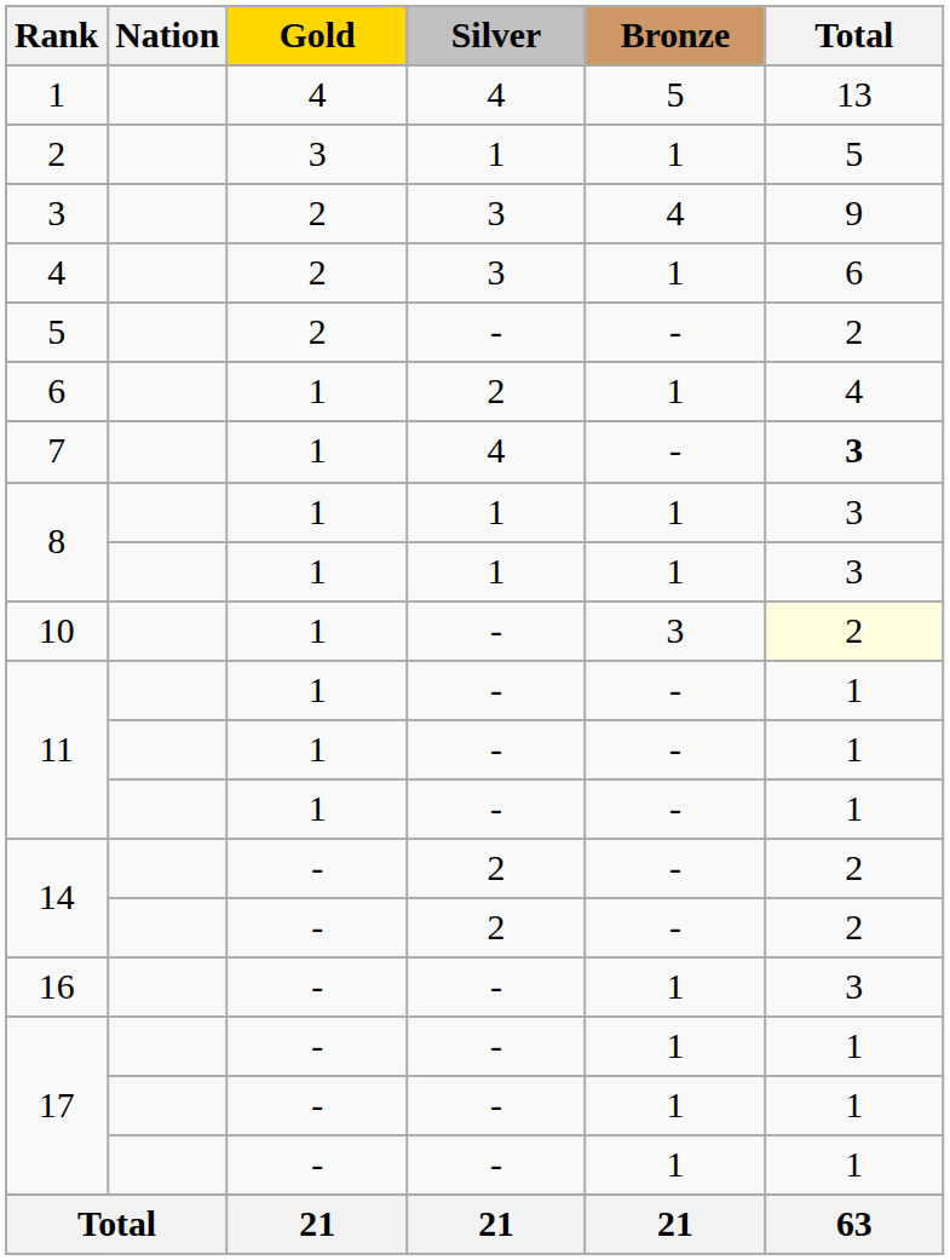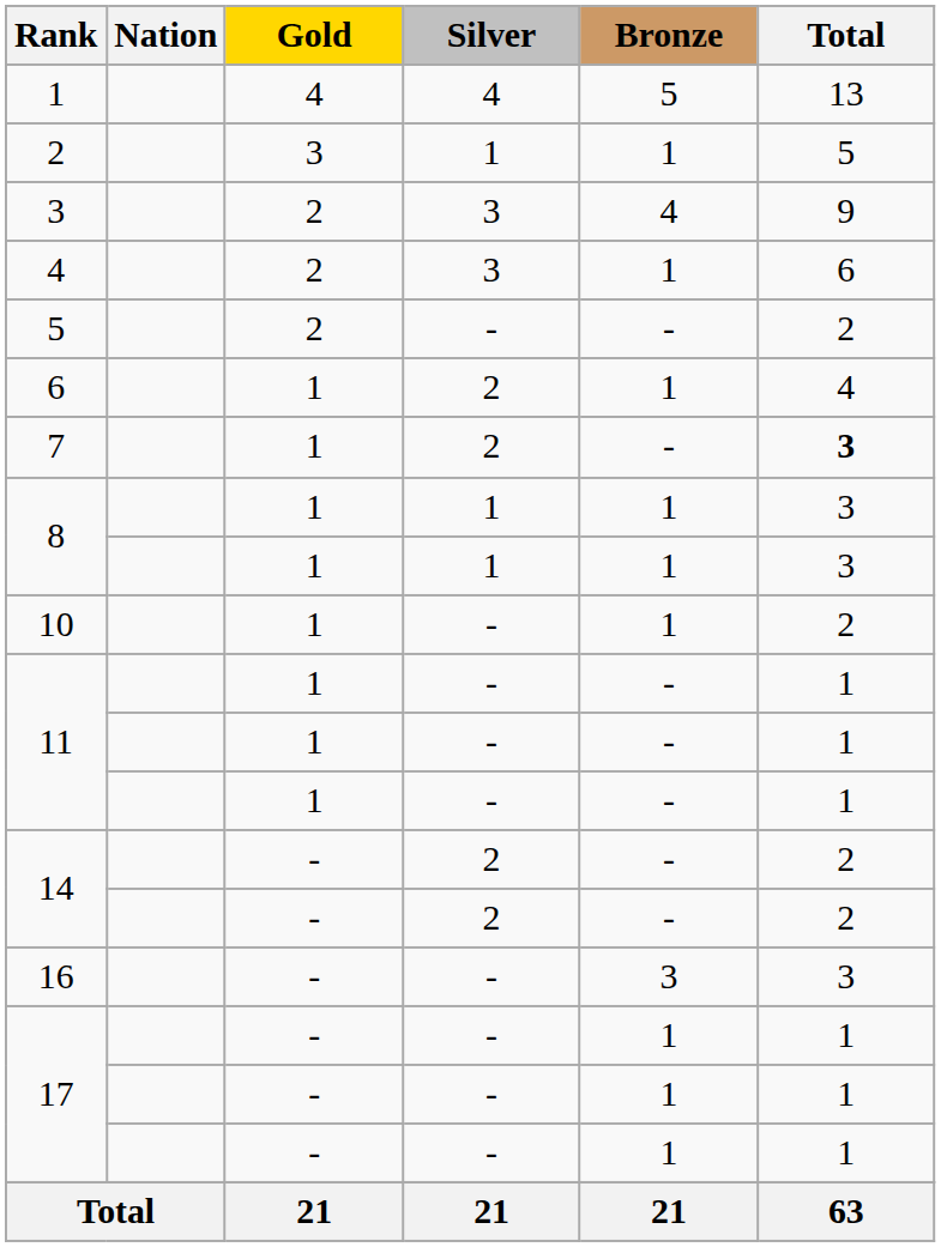 <table class="wikitable" style="text-align:center; font-size:95%">
 <tr>
 <th scope=col>Rank</th>
 <th scope=col>Nation</th>
 <th scope=col style="background:gold; width:4.5em; font-weight:bold;">Gold</th>
 <th scope=col style="background:silver; width:4.5em; font-weight:bold;">Silver</th>
 <th scope=col style="background:#cc9966; width:4.5em; font-weight:bold;">Bronze</th>
 <th scope=col style="width:4.5em;">Total</th>
 </tr>
 <tr>
 <td>1</td>
 <td align="left"></td>
 <td>4</td>
 <td>4</td>
 <td>5</td>
 <td>13</td>
 </tr>
 <tr>
 <td>2</td>
 <td align="left"></td>
 <td>3</td>
 <td>1</td>
 <td>1</td>
 <td>5</td>
 </tr>
 <tr>
 <td>3</td>
 <td align="left"></td>
 <td>2</td>
 <td>3</td>
 <td>4</td>
 <td>9</td>
 </tr>
 <tr>
 <td>4</td>
 <td align="left"></td>
 <td>2</td>
 <td>3</td>
 <td>1</td>
 <td>6</td>
 </tr>
 <tr>
 <td>5</td>
 <td align="left"></td>
 <td>2</td>
 <td>-</td>
 <td>-</td>
 <td>2</td>
 </tr>
 <tr>
 <td>6</td>
 <td align="left"></td>
 <td>1</td>
 <td>2</td>
 <td>1</td>
 <td>4</td>
 </tr>
 <tr>
 <td>7</td>
 <td align="left"></td>
 <td>1</td>
-<td>4</td>
+<td>2</td>
 <td>-</td>
 <td><strong>3</strong></td>
 </tr>
 <tr>
 <td rowspan=2>8</td>
 <td align="left"></td>
 <td>1</td>
 <td>1</td>
 <td>1</td>
 <td>3</td>
 </tr>
 <tr>
 <td align="left"></td>
 <td>1</td>
 <td>1</td>
 <td>1</td>
 <td>3</td>
 </tr>
 <tr>
 <td>10</td>
 <td align="left"></td>
 <td>1</td>
 <td>-</td>
-<td>3</td>
-<td style="background: lightyellow;">2</td>
+<td>1</td>
+<td>2</td>
 </tr>
 <tr>
 <td rowspan=3>11</td>
 <td align="left"></td>
 <td>1</td>
 <td>-</td>
 <td>-</td>
 <td>1</td>
 </tr>
 <tr>
 <td align="left"></td>
 <td>1</td>
 <td>-</td>
 <td>-</td>
 <td>1</td>
 </tr>
 <tr>
 <td align="left"></td>
 <td>1</td>
 <td>-</td>
 <td>-</td>
 <td>1</td>
 </tr>
 <tr>
 <td rowspan=2>14</td>
 <td align="left"></td>
 <td>-</td>
 <td>2</td>
 <td>-</td>
 <td>2</td>
 </tr>
 <tr>
 <td align="left"></td>
 <td>-</td>
 <td>2</td>
 <td>-</td>
 <td>2</td>
 </tr>
 <tr>
 <td>16</td>
 <td align="left"></td>
 <td>-</td>
 <td>-</td>
-<td>1</td>
+<td>3</td>
 <td>3</td>
 </tr>
 <tr>
 <td rowspan=3>17</td>
 <td align="left"></td>
 <td>-</td>
 <td>-</td>
 <td>1</td>
 <td>1</td>
 </tr>
 <tr>
 <td align="left"></td>
 <td>-</td>
 <td>-</td>
 <td>1</td>
 <td>1</td>
 </tr>
 <tr>
 <td align="left"></td>
 <td>-</td>
 <td>-</td>
 <td>1</td>
 <td>1</td>
 </tr>
 <tr>
 </tr>
 <tr class="sortbottom">
 <th colspan=2>Total</th>
 <th>21</th>
 <th>21</th>
 <th>21</th>
 <th>63</th>
 </tr>
 </table>
